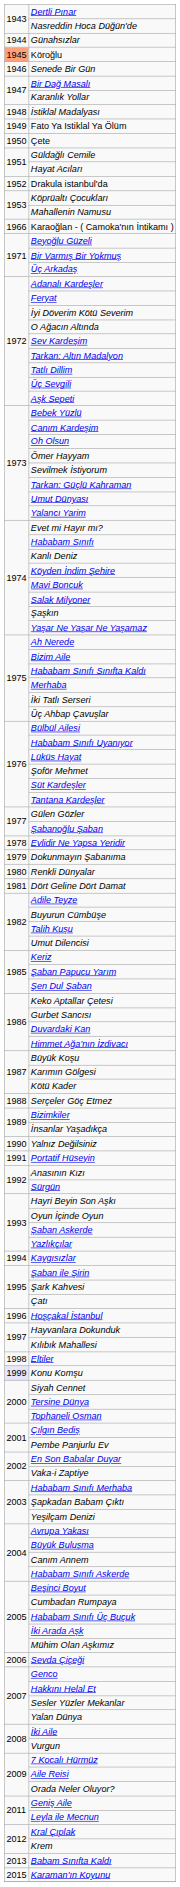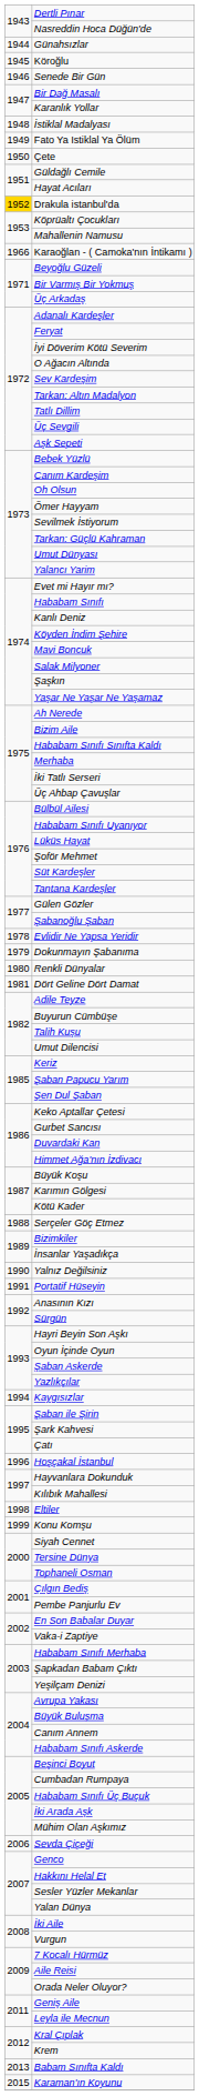 <table class="wikitable" style="font-size:90%">
 <tr>
 <td rowspan="2">1943</td>
 <td><em><a href='#'>Dertli Pınar</a></em></td>
 </tr>
 <tr>
 <td><em>Nasreddin Hoca Düğün'de</em></td>
 </tr>
 <tr>
 <td>1944</td>
 <td><em>Günahsızlar</em></td>
 </tr>
 <tr>
-<td style="background: lightsalmon;">1945</td>
+<td>1945</td>
 <td>Köroğlu</td>
 </tr>
 <tr>
 <td>1946</td>
 <td><em>Senede Bir Gün</em></td>
 </tr>
 <tr>
 <td rowspan="2">1947</td>
 <td><em><a href='#'>Bir Dağ Masalı</a></em></td>
 </tr>
 <tr>
 <td><em>Karanlık Yollar</em></td>
 </tr>
 <tr>
 <td>1948</td>
 <td><em>İstiklal Madalyası</em></td>
 </tr>
 <tr>
 <td>1949</td>
 <td>Fato Ya Istiklal Ya Ölüm</td>
 </tr>
 <tr>
 <td>1950</td>
 <td>Çete</td>
 </tr>
 <tr>
 <td rowspan="2">1951</td>
 <td><em>Güldağlı Cemile</em></td>
 </tr>
 <tr>
 <td><em>Hayat Acıları</em></td>
 </tr>
 <tr>
-<td>1952</td>
+<td style="background: gold;">1952</td>
 <td>Drakula istanbul'da</td>
 </tr>
 <tr>
 <td rowspan="2">1953</td>
 <td><em>Köprüaltı Çocukları</em></td>
 </tr>
 <tr>
 <td><em>Mahallenin Namusu</em></td>
 </tr>
 <tr>
 <td>1966</td>
 <td>Karaoğlan - ( Camoka'nın İntikamı )</td>
 </tr>
 <tr>
 <td rowspan="3">1971</td>
 <td><em><a href='#'>Beyoğlu Güzeli</a></em></td>
 </tr>
 <tr>
 <td><em><a href='#'>Bir Varmış Bir Yokmuş</a></em></td>
 </tr>
 <tr>
 <td><em><a href='#'>Üç Arkadaş</a></em></td>
 </tr>
 <tr>
 <td rowspan="9">1972</td>
 <td><em><a href='#'>Adanalı Kardeşler</a></em></td>
 </tr>
 <tr>
 <td><em><a href='#'>Feryat</a></em></td>
 </tr>
 <tr>
 <td><em>İyi Döverim Kötü Severim</em></td>
 </tr>
 <tr>
 <td><em>O Ağacın Altında</em></td>
 </tr>
 <tr>
 <td><em><a href='#'>Sev Kardeşim</a></em></td>
 </tr>
 <tr>
 <td><em><a href='#'>Tarkan: Altın Madalyon</a></em></td>
 </tr>
 <tr>
 <td><em><a href='#'>Tatlı Dillim</a></em></td>
 </tr>
 <tr>
 <td><em><a href='#'>Üç Sevgili</a></em></td>
 </tr>
 <tr>
 <td><em><a href='#'>Aşk Sepeti</a></em></td>
 </tr>
 <tr>
 <td rowspan="8">1973</td>
 <td><em><a href='#'>Bebek Yüzlü</a></em></td>
 </tr>
 <tr>
 <td><em><a href='#'>Canım Kardeşim</a></em></td>
 </tr>
 <tr>
 <td><em><a href='#'>Oh Olsun</a></em></td>
 </tr>
 <tr>
 <td><em>Ömer Hayyam</em></td>
 </tr>
 <tr>
 <td><em>Sevilmek İstiyorum</em></td>
 </tr>
 <tr>
 <td><em><a href='#'>Tarkan: Güçlü Kahraman</a></em></td>
 </tr>
 <tr>
 <td><em><a href='#'>Umut Dünyası</a></em></td>
 </tr>
 <tr>
 <td><em><a href='#'>Yalancı Yarim</a></em></td>
 </tr>
 <tr>
 <td rowspan="8">1974</td>
 <td><em>Evet mi Hayır mı?</em></td>
 </tr>
 <tr>
 <td><em><a href='#'>Hababam Sınıfı</a></em></td>
 </tr>
 <tr>
 <td><em>Kanlı Deniz</em></td>
 </tr>
 <tr>
 <td><em><a href='#'>Köyden İndim Şehire</a></em></td>
 </tr>
 <tr>
 <td><em><a href='#'>Mavi Boncuk</a></em></td>
 </tr>
 <tr>
 <td><em><a href='#'>Salak Milyoner</a></em></td>
 </tr>
 <tr>
 <td><em>Şaşkın</em></td>
 </tr>
 <tr>
 <td><em><a href='#'>Yaşar Ne Yaşar Ne Yaşamaz</a></em></td>
 </tr>
 <tr>
 <td rowspan="6">1975</td>
 <td><em><a href='#'>Ah Nerede</a></em></td>
 </tr>
 <tr>
 <td><em><a href='#'>Bizim Aile</a></em></td>
 </tr>
 <tr>
 <td><em><a href='#'>Hababam Sınıfı Sınıfta Kaldı</a></em></td>
 </tr>
 <tr>
 <td><em><a href='#'>Merhaba</a></em></td>
 </tr>
 <tr>
 <td><em>İki Tatlı Serseri</em></td>
 </tr>
 <tr>
 <td><em>Üç Ahbap Çavuşlar</em></td>
 </tr>
 <tr>
 <td rowspan="6">1976</td>
 <td><em><a href='#'>Bülbül Ailesi</a></em></td>
 </tr>
 <tr>
 <td><em><a href='#'>Hababam Sınıfı Uyanıyor</a></em></td>
 </tr>
 <tr>
 <td><em><a href='#'>Lüküs Hayat</a></em></td>
 </tr>
 <tr>
 <td><em>Şoför Mehmet</em></td>
 </tr>
 <tr>
 <td><em><a href='#'>Süt Kardeşler</a></em></td>
 </tr>
 <tr>
 <td><em><a href='#'>Tantana Kardeşler</a></em></td>
 </tr>
 <tr>
 <td rowspan="2">1977</td>
 <td><em>Gülen Gözler</em></td>
 </tr>
 <tr>
 <td><em><a href='#'>Şabanoğlu Şaban</a></em></td>
 </tr>
 <tr>
 <td>1978</td>
 <td><em><a href='#'>Evlidir Ne Yapsa Yeridir</a></em></td>
 </tr>
 <tr>
 <td>1979</td>
 <td><em>Dokunmayın Şabanıma</em></td>
 </tr>
 <tr>
 <td>1980</td>
 <td><em>Renkli Dünyalar</em></td>
 </tr>
 <tr>
 <td>1981</td>
 <td><em>Dört Geline Dört Damat</em></td>
 </tr>
 <tr>
 <td rowspan="4">1982</td>
 <td><em><a href='#'>Adile Teyze</a></em></td>
 </tr>
 <tr>
 <td><em>Buyurun Cümbüşe</em></td>
 </tr>
 <tr>
 <td><em><a href='#'>Talih Kuşu</a></em></td>
 </tr>
 <tr>
 <td><em>Umut Dilencisi</em></td>
 </tr>
 <tr>
 <td rowspan="3">1985</td>
 <td><em><a href='#'>Keriz</a></em></td>
 </tr>
 <tr>
 <td><em><a href='#'>Şaban Papucu Yarım</a></em></td>
 </tr>
 <tr>
 <td><em><a href='#'>Şen Dul Şaban</a></em></td>
 </tr>
 <tr>
 <td rowspan="4">1986</td>
 <td><em>Keko Aptallar Çetesi</em></td>
 </tr>
 <tr>
 <td><em>Gurbet Sancısı</em></td>
 </tr>
 <tr>
 <td><em><a href='#'>Duvardaki Kan</a></em></td>
 </tr>
 <tr>
 <td><em><a href='#'>Himmet Ağa'nın İzdivacı</a></em></td>
 </tr>
 <tr>
 <td rowspan="3">1987</td>
 <td><em>Büyük Koşu</em></td>
 </tr>
 <tr>
 <td><em>Karımın Gölgesi</em></td>
 </tr>
 <tr>
 <td><em>Kötü Kader</em></td>
 </tr>
 <tr>
 <td>1988</td>
 <td><em>Serçeler Göç Etmez</em></td>
 </tr>
 <tr>
 <td rowspan="2">1989</td>
 <td><em><a href='#'>Bizimkiler</a></em></td>
 </tr>
 <tr>
 <td><em>İnsanlar Yaşadıkça</em></td>
 </tr>
 <tr>
 <td>1990</td>
 <td><em>Yalnız Değilsiniz</em></td>
 </tr>
 <tr>
 <td>1991</td>
 <td><em><a href='#'>Portatif Hüseyin</a></em></td>
 </tr>
 <tr>
 <td rowspan="2">1992</td>
 <td><em>Anasının Kızı</em></td>
 </tr>
 <tr>
 <td><em><a href='#'>Sürgün</a></em></td>
 </tr>
 <tr>
 <td rowspan="4">1993</td>
 <td><em>Hayri Beyin Son Aşkı</em></td>
 </tr>
 <tr>
 <td><em>Oyun İçinde Oyun</em></td>
 </tr>
 <tr>
 <td><em><a href='#'>Şaban Askerde</a></em></td>
 </tr>
 <tr>
 <td><em><a href='#'>Yazlıkçılar</a></em></td>
 </tr>
 <tr>
 <td>1994</td>
 <td><em><a href='#'>Kaygısızlar</a></em></td>
 </tr>
 <tr>
 <td rowspan="3">1995</td>
 <td><em><a href='#'>Şaban ile Şirin</a></em></td>
 </tr>
 <tr>
 <td><em>Şark Kahvesi</em></td>
 </tr>
 <tr>
 <td><em>Çatı</em></td>
 </tr>
 <tr>
 <td>1996</td>
 <td><em><a href='#'>Hoşçakal İstanbul</a></em></td>
 </tr>
 <tr>
 <td rowspan="2">1997</td>
 <td><em>Hayvanlara Dokunduk</em></td>
 </tr>
 <tr>
 <td><em>Kılıbık Mahallesi</em></td>
 </tr>
 <tr>
 <td>1998</td>
 <td><em><a href='#'>Eltiler</a></em></td>
 </tr>
 <tr>
-<td style="background: lavender;">1999</td>
+<td>1999</td>
 <td><em>Konu Komşu</em></td>
 </tr>
 <tr>
 <td rowspan="3">2000</td>
 <td><em>Siyah Cennet</em></td>
 </tr>
 <tr>
 <td><em><a href='#'>Tersine Dünya</a></em></td>
 </tr>
 <tr>
 <td><em><a href='#'>Tophaneli Osman</a></em></td>
 </tr>
 <tr>
 <td rowspan="2">2001</td>
 <td><em><a href='#'>Çılgın Bediş</a></em></td>
 </tr>
 <tr>
 <td><em>Pembe Panjurlu Ev</em></td>
 </tr>
 <tr>
 <td rowspan="2">2002</td>
 <td><em><a href='#'>En Son Babalar Duyar</a></em></td>
 </tr>
 <tr>
 <td><em>Vaka-i Zaptiye</em></td>
 </tr>
 <tr>
 <td rowspan="3">2003</td>
 <td><em><a href='#'>Hababam Sınıfı Merhaba</a></em></td>
 </tr>
 <tr>
 <td><em>Şapkadan Babam Çıktı</em></td>
 </tr>
 <tr>
 <td><em>Yeşilçam Denizi</em></td>
 </tr>
 <tr>
 <td rowspan="4">2004</td>
 <td><em><a href='#'>Avrupa Yakası</a></em></td>
 </tr>
 <tr>
 <td><em><a href='#'>Büyük Buluşma</a></em></td>
 </tr>
 <tr>
 <td><em>Canım Annem</em></td>
 </tr>
 <tr>
 <td><em><a href='#'>Hababam Sınıfı Askerde</a></em></td>
 </tr>
 <tr>
 <td rowspan="5">2005</td>
 <td><em><a href='#'>Beşinci Boyut</a></em></td>
 </tr>
 <tr>
 <td><em>Cumbadan Rumpaya</em></td>
 </tr>
 <tr>
 <td><em><a href='#'>Hababam Sınıfı Üç Buçuk</a></em></td>
 </tr>
 <tr>
 <td><em><a href='#'>İki Arada Aşk</a></em></td>
 </tr>
 <tr>
 <td><em>Mühim Olan Aşkımız</em></td>
 </tr>
 <tr>
 <td>2006</td>
 <td><em><a href='#'>Sevda Çiçeği</a></em></td>
 </tr>
 <tr>
 <td rowspan="4">2007</td>
 <td><em><a href='#'>Genco</a></em></td>
 </tr>
 <tr>
 <td><em><a href='#'>Hakkını Helal Et</a></em></td>
 </tr>
 <tr>
 <td><em>Sesler Yüzler Mekanlar</em></td>
 </tr>
 <tr>
 <td><em>Yalan Dünya</em></td>
 </tr>
 <tr>
 <td rowspan="2">2008</td>
 <td><em><a href='#'>İki Aile</a></em></td>
 </tr>
 <tr>
 <td><em>Vurgun</em></td>
 </tr>
 <tr>
 <td rowspan="3">2009</td>
 <td><em><a href='#'>7 Kocalı Hürmüz</a></em></td>
 </tr>
 <tr>
 <td><em><a href='#'>Aile Reisi</a></em></td>
 </tr>
 <tr>
 <td><em>Orada Neler Oluyor?</em></td>
 </tr>
 <tr>
 <td rowspan="2">2011</td>
 <td><em><a href='#'>Geniş Aile</a></em></td>
 </tr>
 <tr>
 <td><em><a href='#'>Leyla ile Mecnun</a></em></td>
 </tr>
 <tr>
 <td rowspan="2">2012</td>
 <td><em><a href='#'>Kral Çıplak</a></em></td>
 </tr>
 <tr>
 <td><em>Krem</em></td>
 </tr>
 <tr>
 <td>2013</td>
 <td><em><a href='#'>Babam Sınıfta Kaldı</a></em></td>
 </tr>
 <tr>
 <td>2015</td>
 <td><em><a href='#'>Karaman'ın Koyunu</a></em></td>
 </tr>
 <tr>
 </tr>
 </table>
